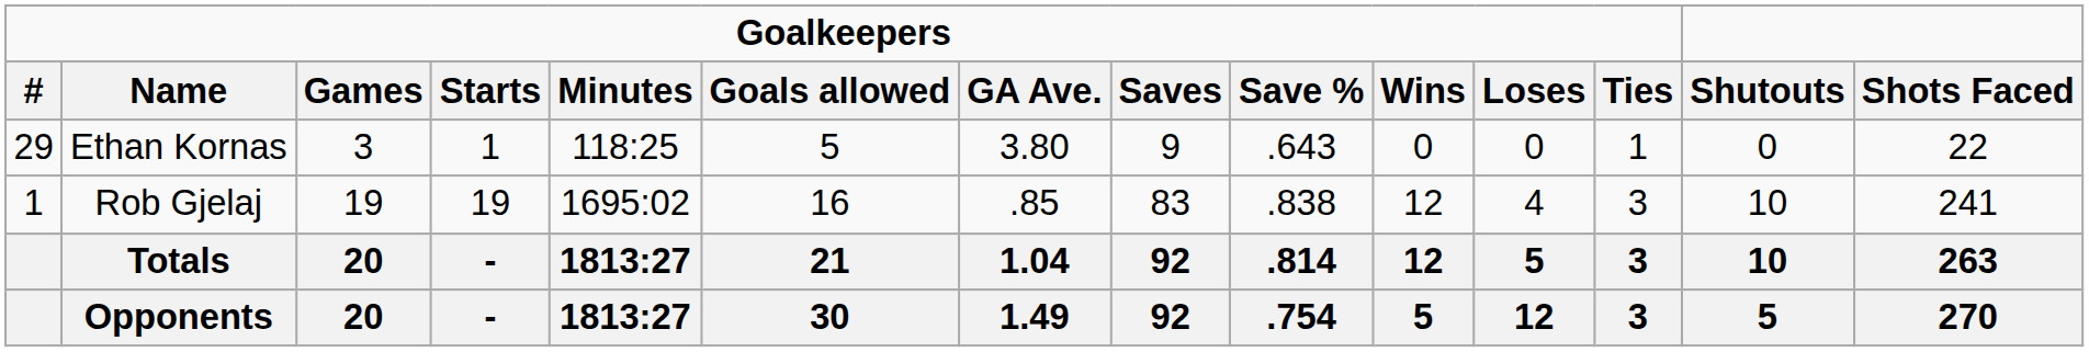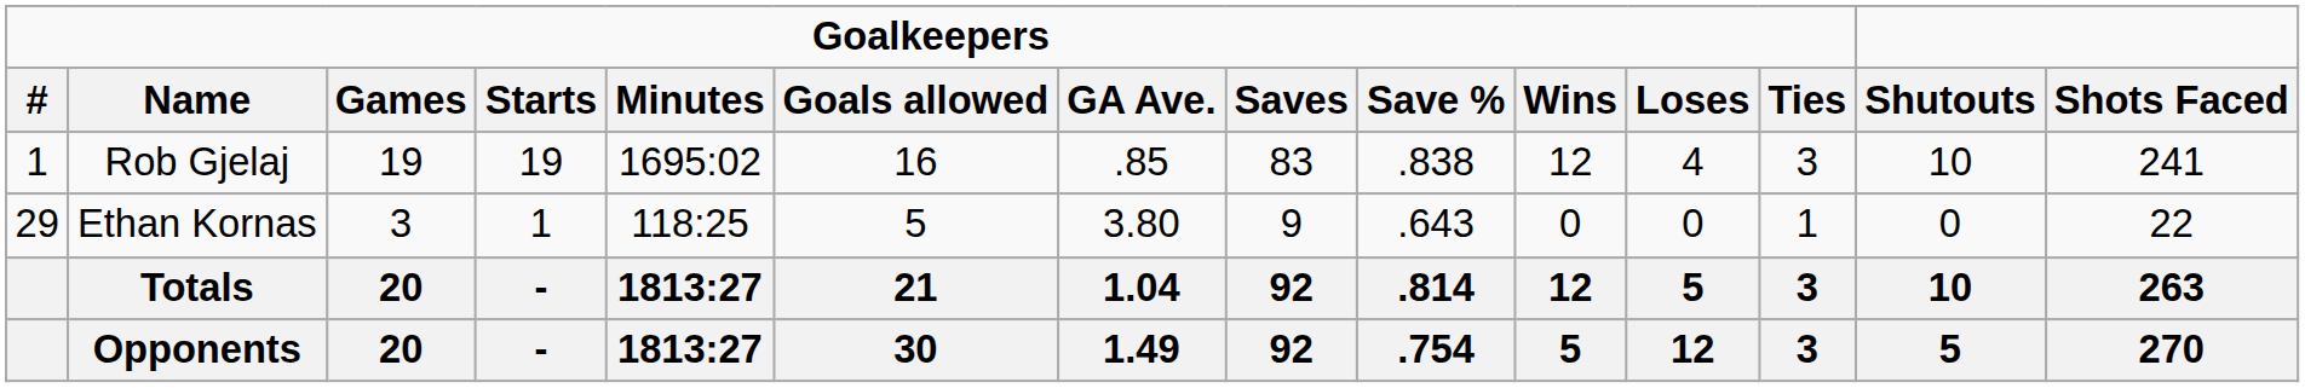 <table class="wikitable sortable" style="text-align:center; text-width:90%;">
 <tr>
 <td colspan="12"><strong>Goalkeepers</strong></td>
 </tr>
 <tr>
 <th>#</th>
 <th>Name</th>
 <th>Games</th>
 <th>Starts</th>
 <th>Minutes</th>
 <th>Goals allowed</th>
 <th>GA Ave.</th>
 <th>Saves</th>
 <th>Save %</th>
 <th>Wins</th>
 <th>Loses</th>
 <th>Ties</th>
 <th>Shutouts</th>
 <th>Shots Faced</th>
 </tr>
 <tr>
+<td>1</td>
+<td>Rob Gjelaj</td>
+<td>19</td>
+<td>19</td>
+<td>1695:02</td>
+<td>16</td>
+<td>.85</td>
+<td>83</td>
+<td>.838</td>
+<td>12</td>
+<td>4</td>
+<td>3</td>
+<td>10</td>
+<td>241</td>
+</tr>
+<tr>
 <td>29</td>
 <td>Ethan Kornas</td>
 <td>3</td>
 <td>1</td>
 <td>118:25</td>
 <td>5</td>
 <td>3.80</td>
 <td>9</td>
 <td>.643</td>
 <td>0</td>
 <td>0</td>
 <td>1</td>
 <td>0</td>
 <td>22</td>
-</tr>
-<tr>
-<td>1</td>
-<td>Rob Gjelaj</td>
-<td>19</td>
-<td>19</td>
-<td>1695:02</td>
-<td>16</td>
-<td>.85</td>
-<td>83</td>
-<td>.838</td>
-<td>12</td>
-<td>4</td>
-<td>3</td>
-<td>10</td>
-<td>241</td>
 </tr>
 <tr>
 <th></th>
 <th>Totals</th>
 <th>20</th>
 <th>-</th>
 <th>1813:27</th>
 <th>21</th>
 <th>1.04</th>
 <th>92</th>
 <th>.814</th>
 <th>12</th>
 <th>5</th>
 <th>3</th>
 <th>10</th>
 <th>263</th>
 </tr>
 <tr>
 <th></th>
 <th>Opponents</th>
 <th>20</th>
 <th>-</th>
 <th>1813:27</th>
 <th>30</th>
 <th>1.49</th>
 <th>92</th>
 <th>.754</th>
 <th>5</th>
 <th>12</th>
 <th>3</th>
 <th>5</th>
 <th>270</th>
 </tr>
 </table>
